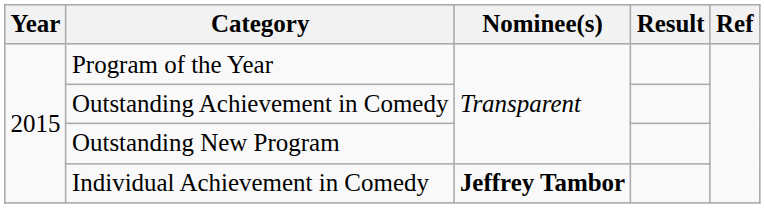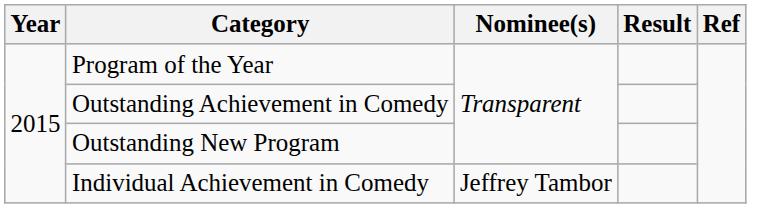 <table class="wikitable">
 <tr>
 <th>Year</th>
 <th>Category</th>
 <th>Nominee(s)</th>
 <th>Result</th>
 <th>Ref</th>
 </tr>
 <tr>
 <td rowspan=4>2015</td>
 <td>Program of the Year</td>
 <td rowspan=3><em>Transparent</em></td>
 <td></td>
 <td rowspan=4></td>
 </tr>
 <tr>
 <td>Outstanding Achievement in Comedy</td>
 <td></td>
 </tr>
 <tr>
 <td>Outstanding New Program</td>
 <td></td>
 </tr>
 <tr>
 <td>Individual Achievement in Comedy</td>
-<td><strong>Jeffrey Tambor</strong></td>
+<td>Jeffrey Tambor</td>
 <td></td>
 </tr>
 </table>
